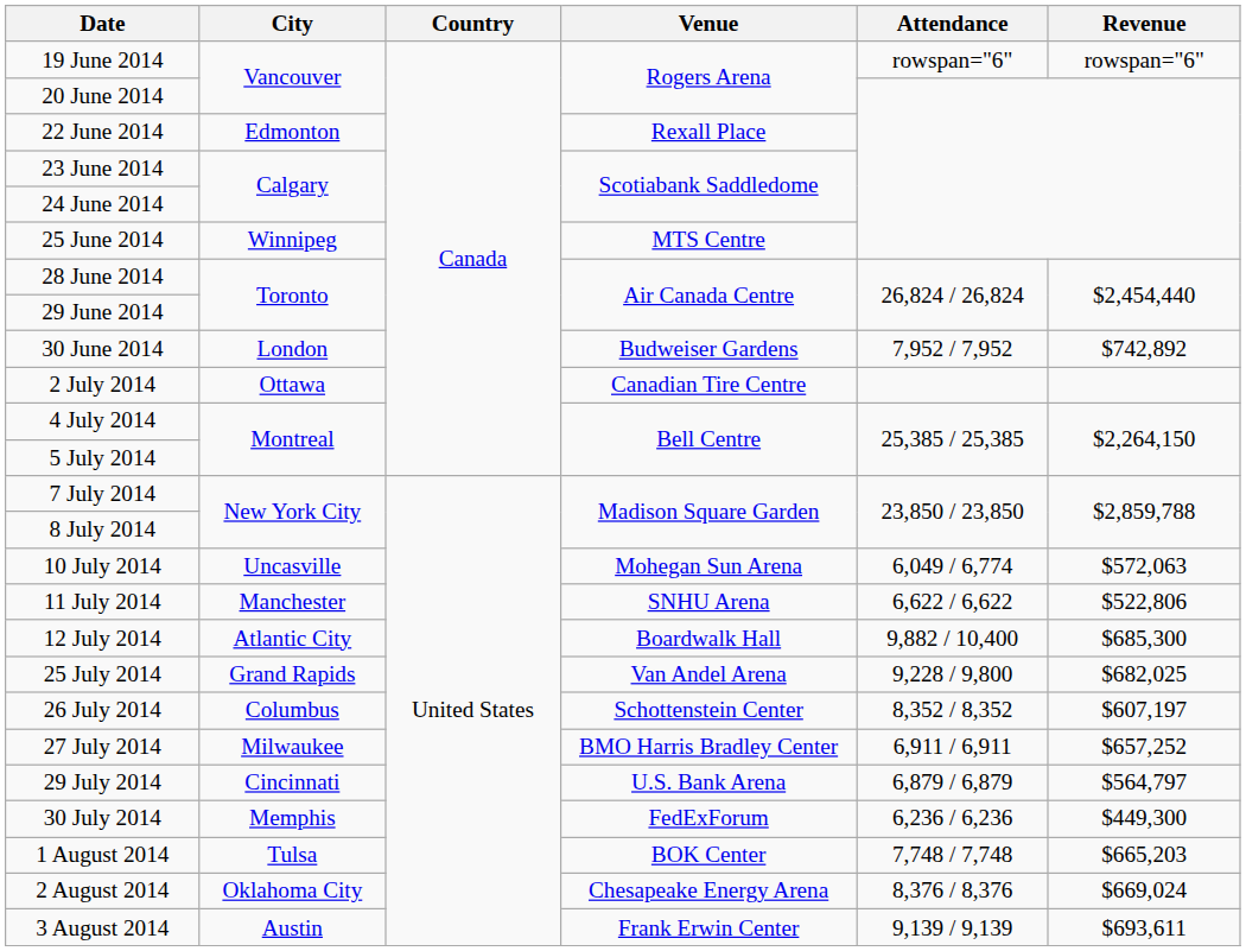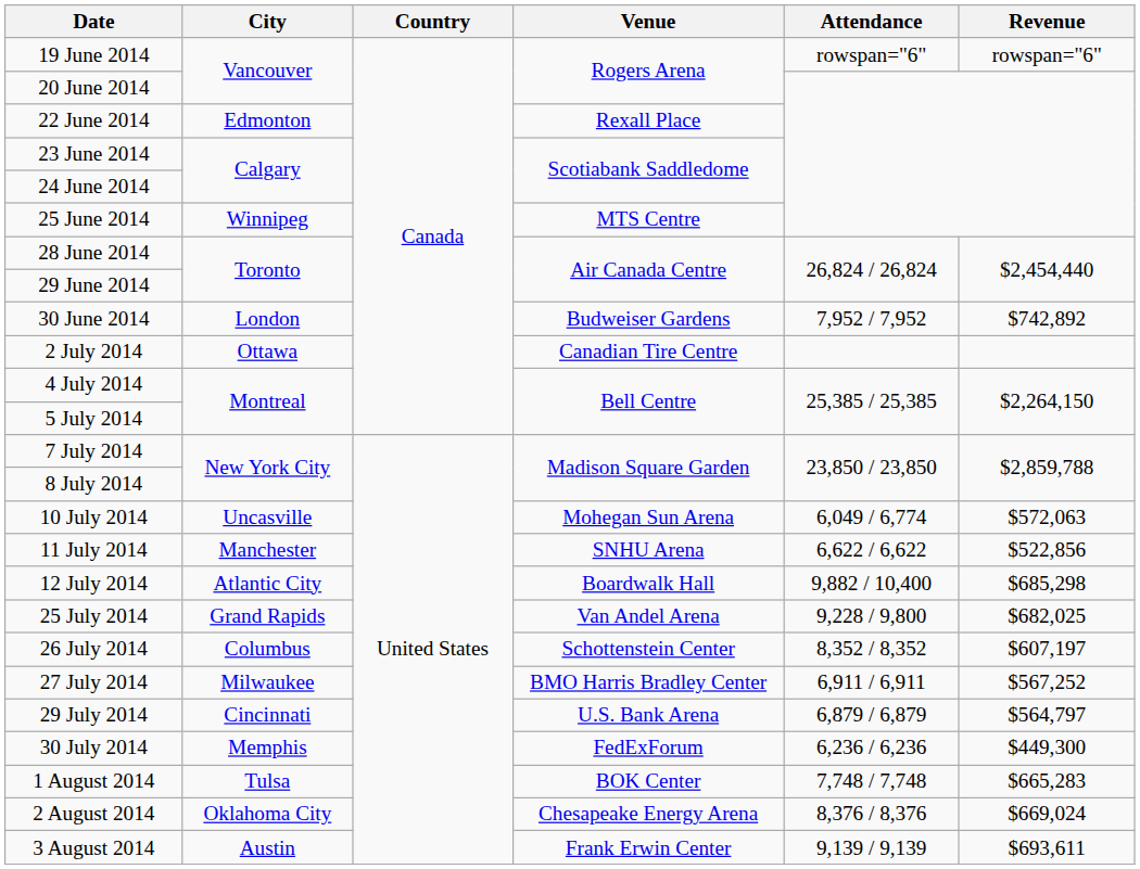 <table class="wikitable" style="text-align:center;">
 <tr>
 <th scope="col" style="width:12em;">Date</th>
 <th scope="col" style="width:10em;">City</th>
 <th scope="col" style="width:10em;">Country</th>
 <th scope="col" style="width:18em;">Venue</th>
 <th scope="col" style="width:10em;">Attendance</th>
 <th scope="col" style="width:10em;">Revenue</th>
 </tr>
 <tr>
 <td>19 June 2014</td>
 <td rowspan="2"><a href='#'>Vancouver</a></td>
 <td rowspan="12"><a href='#'>Canada</a></td>
 <td rowspan="2"><a href='#'>Rogers Arena</a></td>
 <td>rowspan="6" </td>
 <td>rowspan="6" </td>
 </tr>
 <tr>
 <td>20 June 2014</td>
 </tr>
 <tr>
 <td>22 June 2014</td>
 <td><a href='#'>Edmonton</a></td>
 <td><a href='#'>Rexall Place</a></td>
 </tr>
 <tr>
 <td>23 June 2014</td>
 <td rowspan="2"><a href='#'>Calgary</a></td>
 <td rowspan="2"><a href='#'>Scotiabank Saddledome</a></td>
 </tr>
 <tr>
 <td>24 June 2014</td>
 </tr>
 <tr>
 <td>25 June 2014</td>
 <td><a href='#'>Winnipeg</a></td>
 <td><a href='#'>MTS Centre</a></td>
 </tr>
 <tr>
 <td>28 June 2014</td>
 <td rowspan="2"><a href='#'>Toronto</a></td>
 <td rowspan="2"><a href='#'>Air Canada Centre</a></td>
 <td rowspan="2">26,824 / 26,824</td>
 <td rowspan="2">$2,454,440</td>
 </tr>
 <tr>
 <td>29 June 2014</td>
 </tr>
 <tr>
 <td>30 June 2014</td>
 <td><a href='#'>London</a></td>
 <td><a href='#'>Budweiser Gardens</a></td>
 <td>7,952 / 7,952</td>
 <td>$742,892</td>
 </tr>
 <tr>
 <td>2 July 2014</td>
 <td><a href='#'>Ottawa</a></td>
 <td><a href='#'>Canadian Tire Centre</a></td>
 <td></td>
 <td></td>
 </tr>
 <tr>
 <td>4 July 2014</td>
 <td rowspan="2"><a href='#'>Montreal</a></td>
 <td rowspan="2"><a href='#'>Bell Centre</a></td>
 <td rowspan="2">25,385 / 25,385</td>
 <td rowspan="2">$2,264,150</td>
 </tr>
 <tr>
 <td>5 July 2014</td>
 </tr>
 <tr>
 <td>7 July 2014</td>
 <td rowspan="2"><a href='#'>New York City</a></td>
 <td rowspan="13">United States</td>
 <td rowspan="2"><a href='#'>Madison Square Garden</a></td>
 <td rowspan="2">23,850 / 23,850</td>
 <td rowspan="2">$2,859,788</td>
 </tr>
 <tr>
 <td>8 July 2014</td>
 </tr>
 <tr>
 <td>10 July 2014</td>
 <td><a href='#'>Uncasville</a></td>
 <td><a href='#'>Mohegan Sun Arena</a></td>
 <td>6,049 / 6,774</td>
 <td>$572,063</td>
 </tr>
 <tr>
 <td>11 July 2014</td>
 <td><a href='#'>Manchester</a></td>
 <td><a href='#'>SNHU Arena</a></td>
 <td>6,622 / 6,622</td>
-<td>$522,806</td>
+<td>$522,856</td>
 </tr>
 <tr>
 <td>12 July 2014</td>
 <td><a href='#'>Atlantic City</a></td>
 <td><a href='#'>Boardwalk Hall</a></td>
 <td>9,882 / 10,400</td>
-<td>$685,300</td>
+<td>$685,298</td>
 </tr>
 <tr>
 <td>25 July 2014</td>
 <td><a href='#'>Grand Rapids</a></td>
 <td><a href='#'>Van Andel Arena</a></td>
 <td>9,228 / 9,800</td>
 <td>$682,025</td>
 </tr>
 <tr>
 <td>26 July 2014</td>
 <td><a href='#'>Columbus</a></td>
 <td><a href='#'>Schottenstein Center</a></td>
 <td>8,352 / 8,352</td>
 <td>$607,197</td>
 </tr>
 <tr>
 <td>27 July 2014</td>
 <td><a href='#'>Milwaukee</a></td>
 <td><a href='#'>BMO Harris Bradley Center</a></td>
 <td>6,911 / 6,911</td>
-<td>$657,252</td>
+<td>$567,252</td>
 </tr>
 <tr>
 <td>29 July 2014</td>
 <td><a href='#'>Cincinnati</a></td>
 <td><a href='#'>U.S. Bank Arena</a></td>
 <td>6,879 / 6,879</td>
 <td>$564,797</td>
 </tr>
 <tr>
 <td>30 July 2014</td>
 <td><a href='#'>Memphis</a></td>
 <td><a href='#'>FedExForum</a></td>
 <td>6,236 / 6,236</td>
 <td>$449,300</td>
 </tr>
 <tr>
 <td>1 August 2014</td>
 <td><a href='#'>Tulsa</a></td>
 <td><a href='#'>BOK Center</a></td>
 <td>7,748 / 7,748</td>
-<td>$665,203</td>
+<td>$665,283</td>
 </tr>
 <tr>
 <td>2 August 2014</td>
 <td><a href='#'>Oklahoma City</a></td>
 <td><a href='#'>Chesapeake Energy Arena</a></td>
 <td>8,376 / 8,376</td>
 <td>$669,024</td>
 </tr>
 <tr>
 <td>3 August 2014</td>
 <td><a href='#'>Austin</a></td>
 <td><a href='#'>Frank Erwin Center</a></td>
 <td>9,139 / 9,139</td>
 <td>$693,611</td>
 </tr>
 <tr>
 </tr>
 </table>
